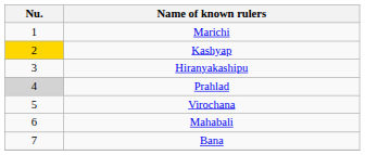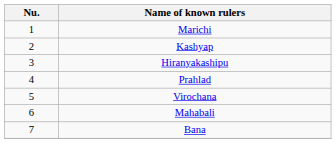 <table class="wikitable" style="text-align:center; width:25%;" align="center">
 <tr>
 <th>Nu.</th>
 <th>Name of known rulers</th>
 </tr>
 <tr>
 <td>1</td>
 <td><a href='#'>Marichi</a></td>
 </tr>
 <tr>
-<td style="background: gold;">2</td>
+<td>2</td>
 <td><a href='#'>Kashyap</a></td>
 </tr>
 <tr>
 <td>3</td>
 <td><a href='#'>Hiranyakashipu</a></td>
 </tr>
 <tr>
-<td style="background: lightgrey;">4</td>
+<td>4</td>
 <td><a href='#'>Prahlad</a></td>
 </tr>
 <tr>
 <td>5</td>
 <td><a href='#'>Virochana</a></td>
 </tr>
 <tr>
 <td>6</td>
 <td><a href='#'>Mahabali</a></td>
 </tr>
 <tr>
 <td>7</td>
 <td><a href='#'>Bana</a></td>
 </tr>
 <tr>
 </tr>
 </table>
